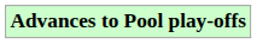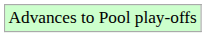 <table class="wikitable">
 <tr>
 </tr>
 <tr width=10px bgcolor=ccffcc>
-<td><strong>Advances to Pool play-offs</strong></td>
+<td>Advances to Pool play-offs</td>
 </tr>
 <tr>
 </tr>
 </table>
